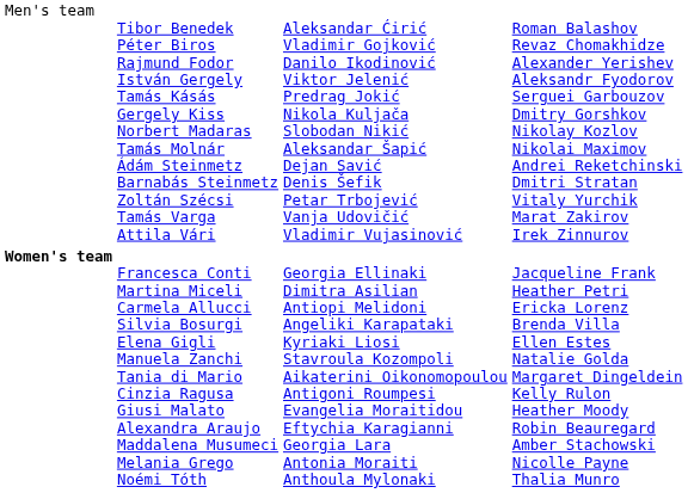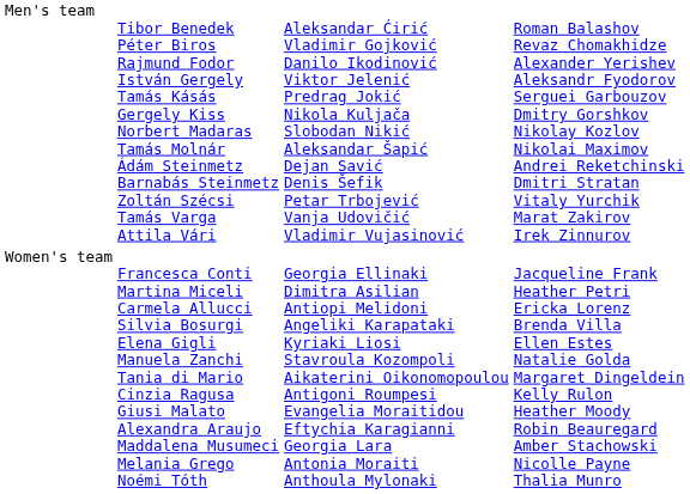 <table>
 <tr valign="top">
 <td>Men's team<br></td>
 <td><br><a href='#'>Tibor Benedek</a><br><a href='#'>Péter Biros</a><br><a href='#'>Rajmund Fodor</a><br><a href='#'>István Gergely</a><br><a href='#'>Tamás Kásás</a><br><a href='#'>Gergely Kiss</a><br><a href='#'>Norbert Madaras</a><br><a href='#'>Tamás Molnár</a><br><a href='#'>Ádám Steinmetz</a><br><a href='#'>Barnabás Steinmetz</a><br><a href='#'>Zoltán Szécsi</a><br><a href='#'>Tamás Varga</a><br><a href='#'>Attila Vári</a></td>
 <td><br><a href='#'>Aleksandar Ćirić</a><br><a href='#'>Vladimir Gojković</a><br><a href='#'>Danilo Ikodinović</a><br><a href='#'>Viktor Jelenić</a><br><a href='#'>Predrag Jokić</a><br><a href='#'>Nikola Kuljača</a><br><a href='#'>Slobodan Nikić</a><br><a href='#'>Aleksandar Šapić</a><br><a href='#'>Dejan Savić</a><br><a href='#'>Denis Šefik</a><br><a href='#'>Petar Trbojević</a><br><a href='#'>Vanja Udovičić</a><br><a href='#'>Vladimir Vujasinović</a></td>
 <td><br><a href='#'>Roman Balashov</a><br><a href='#'>Revaz Chomakhidze</a><br><a href='#'>Alexander Yerishev</a><br><a href='#'>Aleksandr Fyodorov</a><br><a href='#'>Serguei Garbouzov</a><br><a href='#'>Dmitry Gorshkov</a><br><a href='#'>Nikolay Kozlov</a><br><a href='#'>Nikolai Maximov</a><br><a href='#'>Andrei Reketchinski</a><br><a href='#'>Dmitri Stratan</a><br><a href='#'>Vitaly Yurchik</a><br><a href='#'>Marat Zakirov</a><br><a href='#'>Irek Zinnurov</a></td>
 </tr>
 <tr valign="top">
-<td><strong>Women's team<br></strong></td>
+<td>Women's team<br></td>
 <td><br><a href='#'>Francesca Conti</a><br><a href='#'>Martina Miceli</a><br><a href='#'>Carmela Allucci</a><br><a href='#'>Silvia Bosurgi</a><br><a href='#'>Elena Gigli</a><br><a href='#'>Manuela Zanchi</a><br><a href='#'>Tania di Mario</a><br><a href='#'>Cinzia Ragusa</a><br><a href='#'>Giusi Malato</a><br><a href='#'>Alexandra Araujo</a><br><a href='#'>Maddalena Musumeci</a><br><a href='#'>Melania Grego</a><br><a href='#'>Noémi Tóth</a></td>
 <td><br><a href='#'>Georgia Ellinaki</a><br><a href='#'>Dimitra Asilian</a><br><a href='#'>Antiopi Melidoni</a><br><a href='#'>Angeliki Karapataki</a><br><a href='#'>Kyriaki Liosi</a><br><a href='#'>Stavroula Kozompoli</a><br><a href='#'>Aikaterini Oikonomopoulou</a><br><a href='#'>Antigoni Roumpesi</a><br><a href='#'>Evangelia Moraitidou</a><br><a href='#'>Eftychia Karagianni</a><br><a href='#'>Georgia Lara</a><br><a href='#'>Antonia Moraiti</a><br><a href='#'>Anthoula Mylonaki</a></td>
 <td><br><a href='#'>Jacqueline Frank</a><br><a href='#'>Heather Petri</a><br><a href='#'>Ericka Lorenz</a><br><a href='#'>Brenda Villa</a><br><a href='#'>Ellen Estes</a><br><a href='#'>Natalie Golda</a><br><a href='#'>Margaret Dingeldein</a><br><a href='#'>Kelly Rulon</a><br><a href='#'>Heather Moody</a><br><a href='#'>Robin Beauregard</a><br><a href='#'>Amber Stachowski</a><br><a href='#'>Nicolle Payne</a><br><a href='#'>Thalia Munro</a></td>
 </tr>
 </table>
